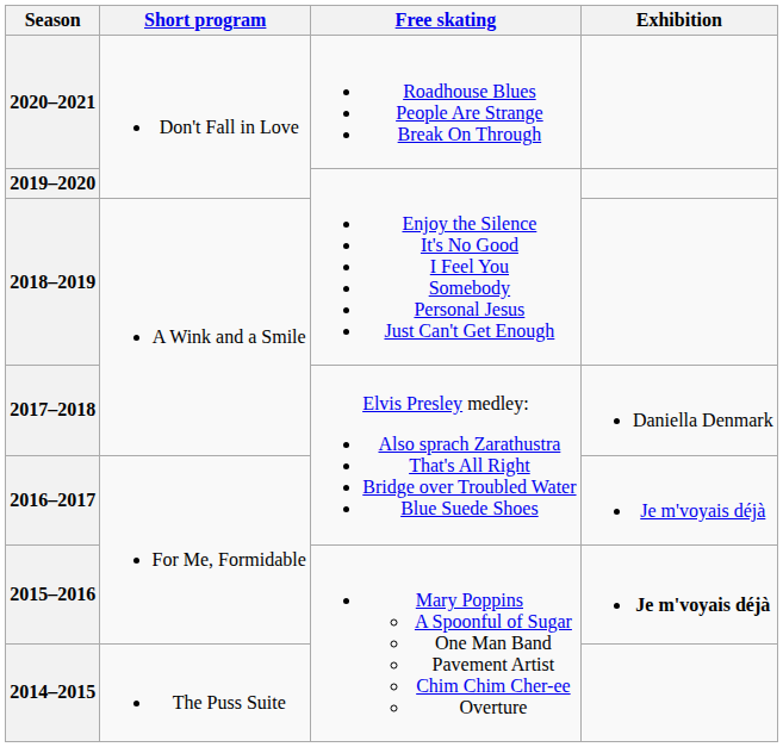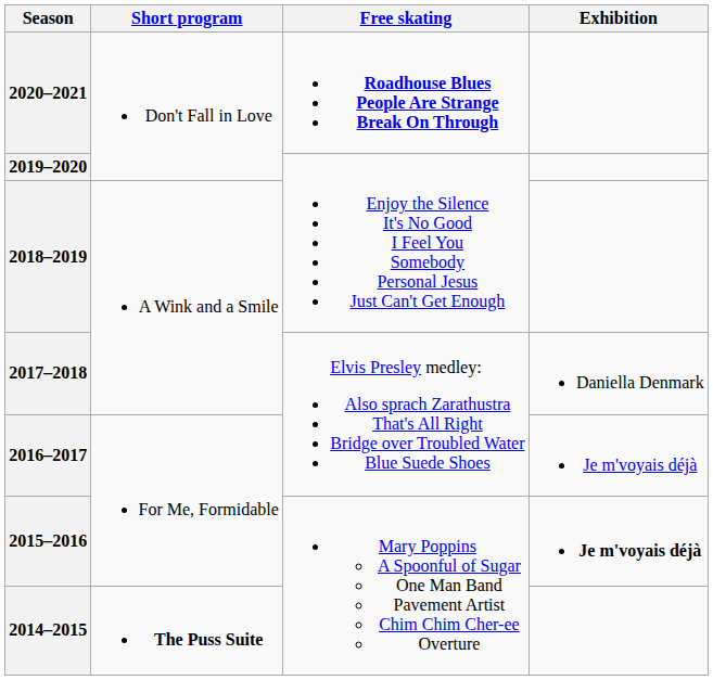 <table class=wikitable style=text-align:center>
 <tr>
 <th>Season</th>
 <th><a href='#'>Short program</a></th>
 <th><a href='#'>Free skating</a></th>
 <th>Exhibition</th>
 </tr>
 <tr>
 <th>2020–2021 <br></th>
 <td rowspan=2><br><ul><li>Don't Fall in Love <br> </li></ul></td>
-<td><br><ul><li><a href='#'>Roadhouse Blues</a></li><li><a href='#'>People Are Strange</a></li><li><a href='#'>Break On Through</a> <br></li></ul></td>
+<td><strong><br><ul><li><a href='#'>Roadhouse Blues</a></li><li><a href='#'>People Are Strange</a></li><li><a href='#'>Break On Through</a> <br></li></ul></strong></td>
 <td></td>
 </tr>
 <tr>
 <th>2019–2020 <br></th>
 <td rowspan=2><br><ul><li><a href='#'>Enjoy the Silence</a></li><li><a href='#'>It's No Good</a></li><li><a href='#'>I Feel You</a></li><li><a href='#'>Somebody</a></li><li><a href='#'>Personal Jesus</a></li><li><a href='#'>Just Can't Get Enough</a> <br></li></ul></td>
 <td></td>
 </tr>
 <tr>
 <th>2018–2019 <br></th>
 <td rowspan=2><br><ul><li>A Wink and a Smile <br></li></ul></td>
 <td></td>
 </tr>
 <tr>
 <th>2017–2018 <br></th>
 <td rowspan=2><br><a href='#'>Elvis Presley</a> medley:<ul><li><a href='#'>Also sprach Zarathustra</a> <br></li><li><a href='#'>That's All Right</a> <br></li><li><a href='#'>Bridge over Troubled Water</a> <br></li><li><a href='#'>Blue Suede Shoes</a> <br></li></ul></td>
 <td><br><ul><li>Daniella Denmark <br></li></ul></td>
 </tr>
 <tr>
 <th>2016–2017 <br> </th>
 <td rowspan=2><br><ul><li>For Me, Formidable <br></li></ul></td>
 <td><br><ul><li><a href='#'>Je m'voyais déjà</a> <br></li></ul></td>
 </tr>
 <tr>
 <th>2015–2016 <br> </th>
 <td rowspan=2><br><ul><li><a href='#'>Mary Poppins</a> <br><ul><li><a href='#'>A Spoonful of Sugar</a></li><li>One Man Band</li><li>Pavement Artist</li><li><a href='#'>Chim Chim Cher-ee</a></li><li>Overture <br></li></ul></li></ul></td>
 <td><strong><br><ul><li>Je m'voyais déjà <br></li></ul></strong></td>
 </tr>
 <tr>
 <th>2014–2015 <br> </th>
-<td><br><ul><li>The Puss Suite <br></li></ul></td>
+<td><strong><br><ul><li>The Puss Suite <br></li></ul></strong></td>
 <td></td>
 </tr>
 </table>
